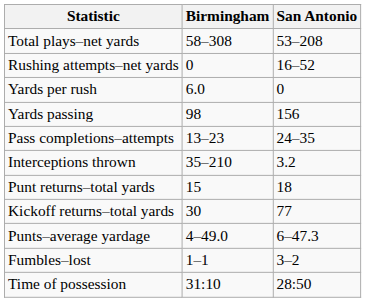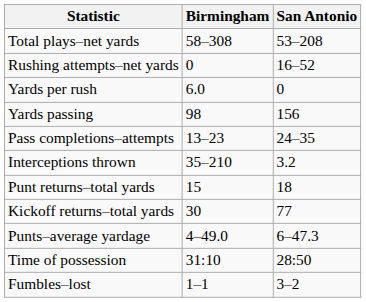 <table class="wikitable">
 <tr>
 <th>Statistic</th>
 <th>Birmingham</th>
 <th>San Antonio</th>
 </tr>
 <tr>
 <td>Total plays–net yards</td>
 <td>58–308</td>
 <td>53–208</td>
 </tr>
 <tr>
 <td>Rushing attempts–net yards</td>
 <td>0</td>
 <td>16–52</td>
 </tr>
 <tr>
 <td>Yards per rush</td>
 <td>6.0</td>
 <td>0</td>
 </tr>
 <tr>
 <td>Yards passing</td>
 <td>98</td>
 <td>156</td>
 </tr>
 <tr>
 <td>Pass completions–attempts</td>
 <td>13–23</td>
 <td>24–35</td>
 </tr>
 <tr>
 <td>Interceptions thrown</td>
 <td>35–210</td>
 <td>3.2</td>
 </tr>
 <tr>
 <td>Punt returns–total yards</td>
 <td>15</td>
 <td>18</td>
 </tr>
 <tr>
 <td>Kickoff returns–total yards</td>
 <td>30</td>
 <td>77</td>
 </tr>
 <tr>
 <td>Punts–average yardage</td>
 <td>4–49.0</td>
 <td>6–47.3</td>
 </tr>
 <tr>
+<td>Time of possession</td>
+<td>31:10</td>
+<td>28:50</td>
+</tr>
+<tr>
 <td>Fumbles–lost</td>
 <td>1–1</td>
 <td>3–2</td>
 </tr>
-<tr>
-<td>Time of possession</td>
-<td>31:10</td>
-<td>28:50</td>
-</tr>
 </table>
